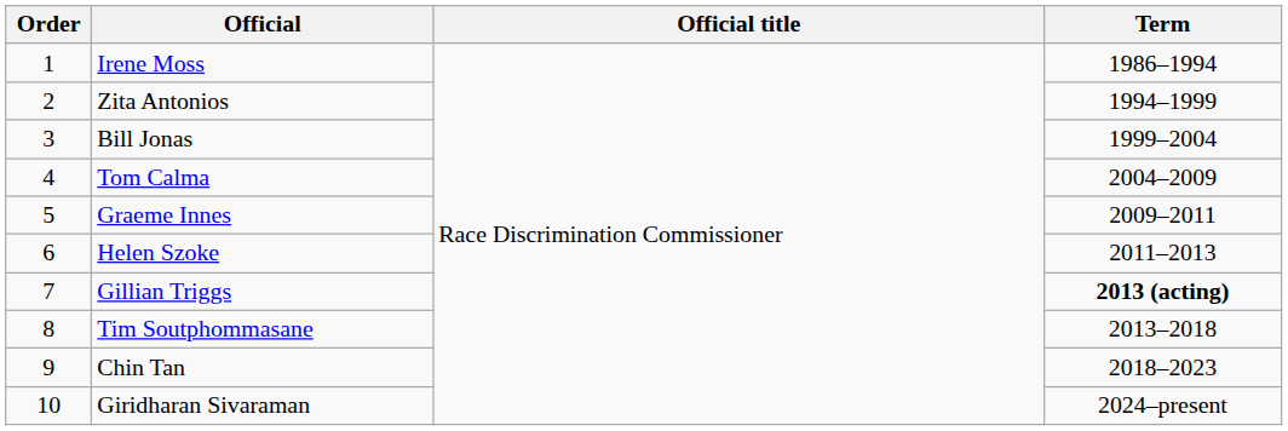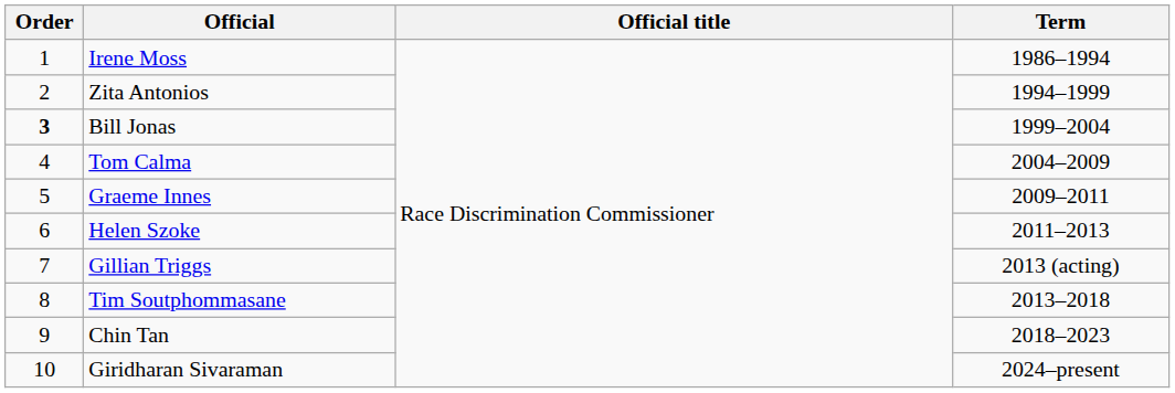 <table class="wikitable">
 <tr>
 <th width=50>Order</th>
 <th width=220>Official</th>
 <th width=400>Official title</th>
 <th width=150>Term</th>
 </tr>
 <tr>
 <td align=center>1</td>
 <td><a href='#'>Irene Moss</a></td>
 <td rowspan="10">Race Discrimination Commissioner</td>
 <td align=center>1986–1994</td>
 </tr>
 <tr>
 <td align=center>2</td>
 <td>Zita Antonios</td>
 <td align=center>1994–1999</td>
 </tr>
 <tr>
-<td align=center>3</td>
+<td align=center><strong>3</strong></td>
 <td>Bill Jonas</td>
 <td align=center>1999–2004</td>
 </tr>
 <tr>
 <td align=center>4</td>
 <td><a href='#'>Tom Calma</a></td>
 <td align=center>2004–2009</td>
 </tr>
 <tr>
 <td align=center>5</td>
 <td><a href='#'>Graeme Innes</a></td>
 <td align=center>2009–2011</td>
 </tr>
 <tr>
 <td align=center>6</td>
 <td><a href='#'>Helen Szoke</a></td>
 <td align=center>2011–2013</td>
 </tr>
 <tr>
 <td align=center>7</td>
 <td><a href='#'>Gillian Triggs</a></td>
-<td align=center><strong>2013 (acting)</strong></td>
+<td align=center>2013 (acting)</td>
 </tr>
 <tr>
 <td align=center>8</td>
 <td><a href='#'>Tim Soutphommasane</a></td>
 <td align=center>2013–2018</td>
 </tr>
 <tr>
 <td align=center>9</td>
 <td>Chin Tan</td>
 <td align=center>2018–2023</td>
 </tr>
 <tr>
 <td align=center>10</td>
 <td>Giridharan Sivaraman</td>
 <td align=center>2024–present</td>
 </tr>
 </table>
